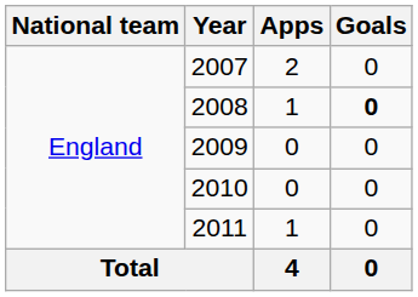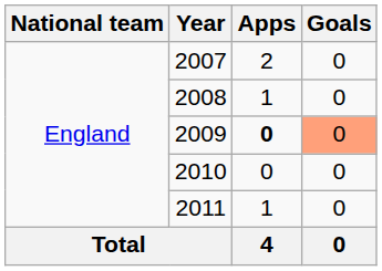 <table class="wikitable" style="text-align: center;">
 <tr>
 <th>National team</th>
 <th>Year</th>
 <th>Apps</th>
 <th>Goals</th>
 </tr>
 <tr>
 <td rowspan="5"><a href='#'>England</a></td>
 <td>2007</td>
 <td>2</td>
 <td>0</td>
 </tr>
 <tr>
 <td>2008</td>
 <td>1</td>
-<td><strong>0</strong></td>
+<td>0</td>
 </tr>
 <tr>
 <td>2009</td>
-<td>0</td>
-<td>0</td>
+<td><strong>0</strong></td>
+<td style="background: lightsalmon;">0</td>
 </tr>
 <tr>
 <td>2010</td>
 <td>0</td>
 <td>0</td>
 </tr>
 <tr>
 <td>2011</td>
 <td>1</td>
 <td>0</td>
 </tr>
 <tr>
 <th colspan="2">Total</th>
 <th>4</th>
 <th>0</th>
 </tr>
 </table>
